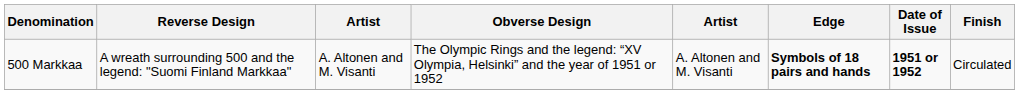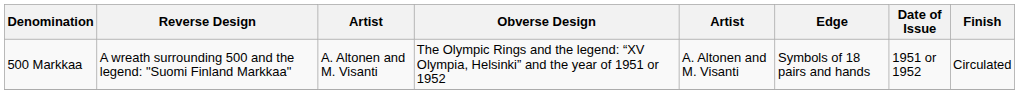 <table class="wikitable">
 <tr>
 <th>Denomination</th>
 <th>Reverse Design</th>
 <th>Artist</th>
 <th>Obverse Design</th>
 <th>Artist</th>
 <th>Edge</th>
 <th>Date of Issue</th>
 <th>Finish</th>
 </tr>
 <tr>
 <td>500 Markkaa</td>
 <td>A wreath surrounding 500 and the legend: "Suomi Finland Markkaa"</td>
 <td>A. Altonen and M. Visanti</td>
 <td>The Olympic Rings and the legend: “XV Olympia, Helsinki” and the year of 1951 or 1952</td>
 <td>A. Altonen and M. Visanti</td>
-<td><strong>Symbols of 18 pairs and hands</strong></td>
-<td><strong>1951 or 1952</strong></td>
+<td>Symbols of 18 pairs and hands</td>
+<td>1951 or 1952</td>
 <td>Circulated</td>
 </tr>
 <tr>
 </tr>
 </table>
